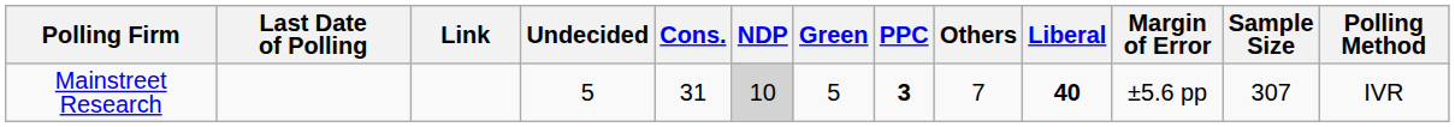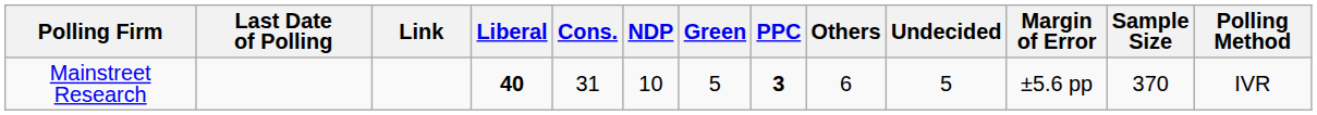 <table class="wikitable sortable" style="text-align:center;font-size:90%;line-height:14px;">
 <tr style="background:#e9e9e9;">
 <th style="width:120px">Polling Firm</th>
 <th style="width:110px">Last Date<br>of Polling</th>
 <th style="width:60px" class="unsortable">Link</th>
-<th style="background-color:">Undecided</th>
+<th style="background-color:"><a href='#'>Liberal</a></th>
 <th style="background-color:"><a href='#'>Cons.</a></th>
 <th style="background-color:"><a href='#'>NDP</a></th>
 <th style="background-color:"><a href='#'>Green</a></th>
 <th style="background-color:"><a href='#'><span>PPC</span></a></th>
 <th style="background-color:">Others</th>
-<th style="background-color:"><a href='#'>Liberal</a></th>
+<th style="background-color:">Undecided</th>
 <th style="width:60px;" class=unsortable>Margin<br>of Error</th>
 <th style="width:50px;" class=unsortable>Sample<br>Size</th>
 <th class=unsortable>Polling Method</th>
 </tr>
 <tr>
 <td><a href='#'>Mainstreet Research</a></td>
 <td></td>
 <td></td>
-<td>5</td>
+<td><strong>40</strong></td>
 <td>31</td>
-<td style="background: lightgrey;">10</td>
+<td>10</td>
 <td>5</td>
 <td><strong>3</strong></td>
-<td>7</td>
-<td><strong>40</strong></td>
+<td>6</td>
+<td>5</td>
 <td>±5.6 pp</td>
-<td>307</td>
+<td>370</td>
 <td>IVR</td>
 </tr>
 </table>
